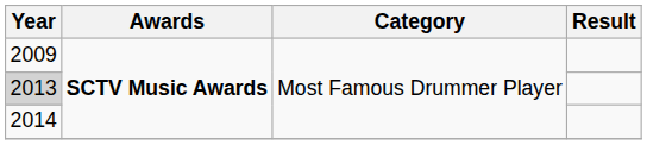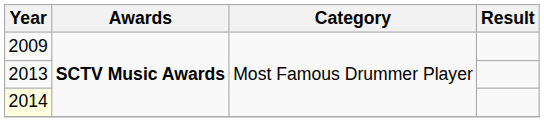 <table class="wikitable">
 <tr>
 <th>Year</th>
 <th>Awards</th>
 <th>Category</th>
 <th>Result</th>
 </tr>
 <tr>
 <td>2009</td>
 <td rowspan= "3"><strong>SCTV Music Awards</strong></td>
 <td rowspan= "3">Most Famous Drummer Player</td>
 <td></td>
 </tr>
 <tr>
-<td style="background: lightgrey;">2013</td>
+<td>2013</td>
 <td></td>
 </tr>
 <tr>
-<td>2014</td>
+<td style="background: lightyellow;">2014</td>
 <td></td>
 </tr>
 <tr>
 </tr>
 </table>
